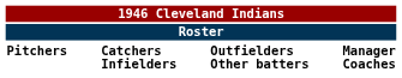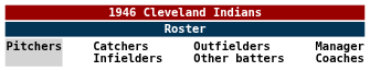 <table class="toccolours" style="font-size: 95%;">
 <tr>
 <th colspan="10" style="background-color: #990000; color: white; text-align: center;">1946 Cleveland Indians</th>
 </tr>
 <tr>
 <td colspan="10" style="background-color: #023456; color: white; text-align: center;"><strong>Roster</strong></td>
 </tr>
 <tr>
-<td valign="top"><strong>Pitchers</strong><br>                  </td>
+<td valign="top" style="background: lightgrey;"><strong>Pitchers</strong><br>                  </td>
 <td width="25px"></td>
 <td valign="top"><strong>Catchers</strong><br>     <strong>Infielders</strong>               </td>
 <td width="25px"></td>
 <td valign="top"><strong>Outfielders</strong><br>       <strong>Other batters</strong> </td>
 <td width="25px"></td>
 <td valign="top"><strong>Manager</strong><br> <strong>Coaches</strong>   </td>
 </tr>
 </table>
